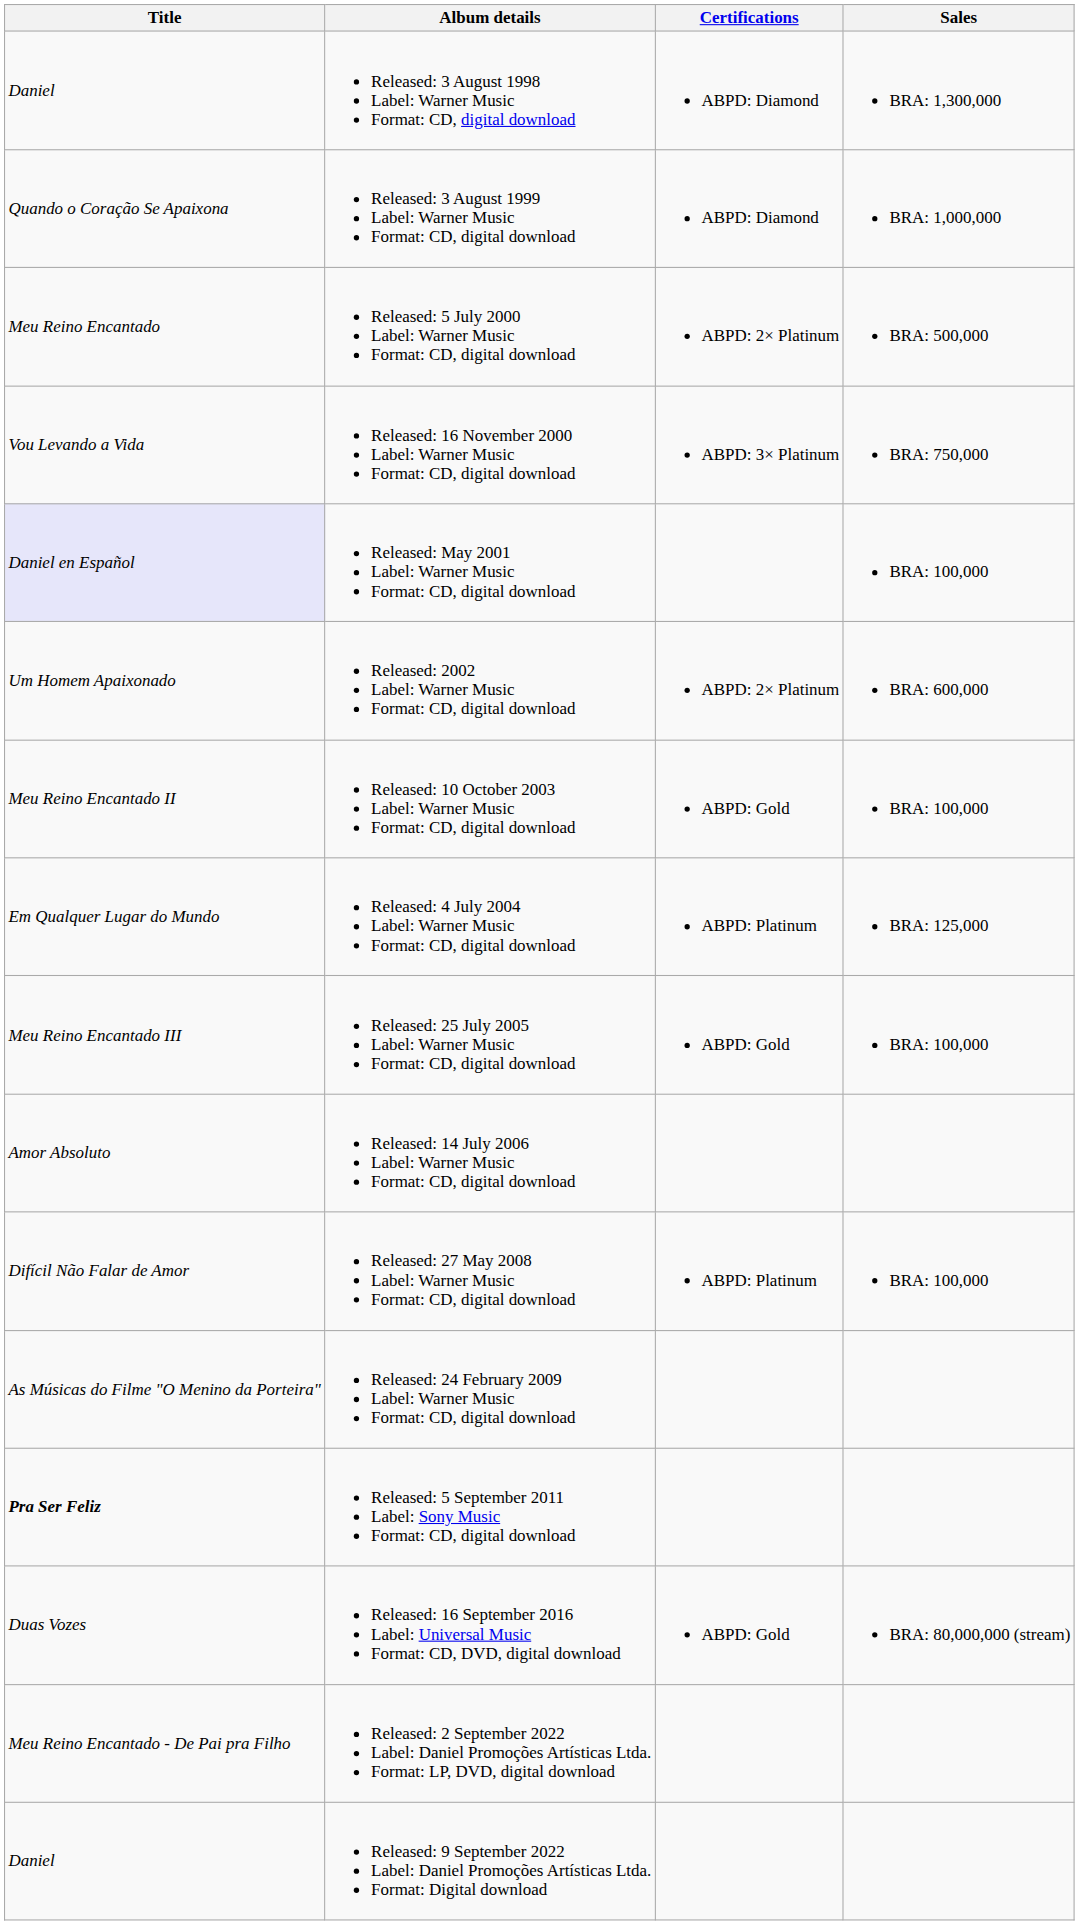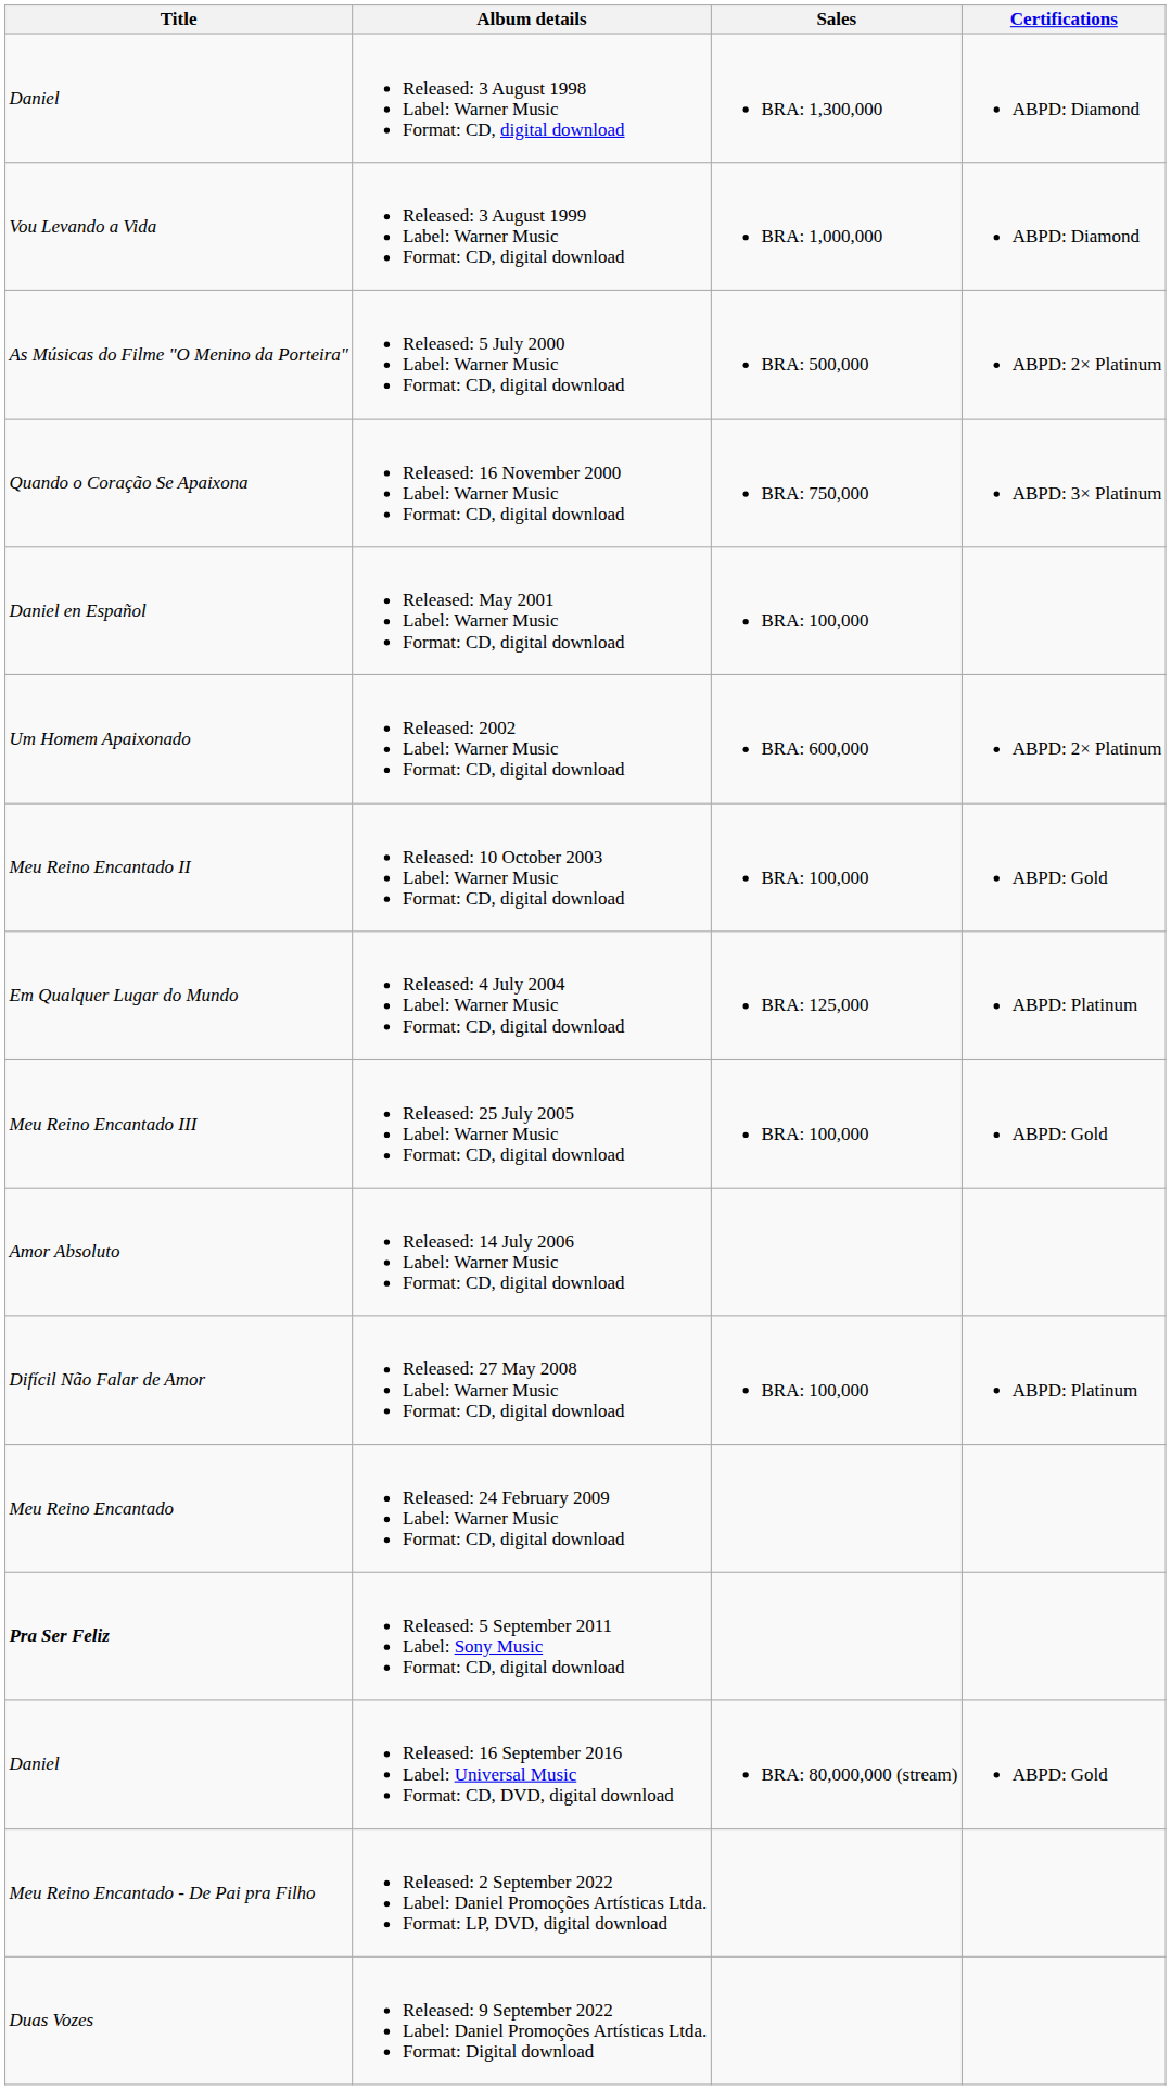 <table class="wikitable">
 <tr>
 <th>Title</th>
 <th>Album details</th>
+<th>Sales</th>
 <th><a href='#'>Certifications</a></th>
-<th>Sales</th>
 </tr>
 <tr>
 <td><em>Daniel</em></td>
 <td><br><ul><li>Released: 3 August 1998</li><li>Label: Warner Music</li><li>Format: CD, <a href='#'>digital download</a></li></ul></td>
+<td><br><ul><li>BRA: 1,300,000</li></ul></td>
 <td><br><ul><li>ABPD: Diamond</li></ul></td>
-<td><br><ul><li>BRA: 1,300,000</li></ul></td>
+</tr>
+<tr>
+<td><em>Vou Levando a Vida</em></td>
+<td><br><ul><li>Released: 3 August 1999</li><li>Label: Warner Music</li><li>Format: CD, digital download</li></ul></td>
+<td><br><ul><li>BRA: 1,000,000</li></ul></td>
+<td><br><ul><li>ABPD: Diamond</li></ul></td>
+</tr>
+<tr>
+<td><em>As Músicas do Filme "O Menino da Porteira"</em></td>
+<td><br><ul><li>Released: 5 July 2000</li><li>Label: Warner Music</li><li>Format: CD, digital download</li></ul></td>
+<td><br><ul><li>BRA: 500,000</li></ul></td>
+<td><br><ul><li>ABPD: 2× Platinum</li></ul></td>
 </tr>
 <tr>
 <td><em>Quando o Coração Se Apaixona</em></td>
-<td><br><ul><li>Released: 3 August 1999</li><li>Label: Warner Music</li><li>Format: CD, digital download</li></ul></td>
-<td><br><ul><li>ABPD: Diamond</li></ul></td>
-<td><br><ul><li>BRA: 1,000,000</li></ul></td>
+<td><br><ul><li>Released: 16 November 2000</li><li>Label: Warner Music</li><li>Format: CD, digital download</li></ul></td>
+<td><br><ul><li>BRA: 750,000</li></ul></td>
+<td><br><ul><li>ABPD: 3× Platinum</li></ul></td>
 </tr>
 <tr>
-<td><em>Meu Reino Encantado</em></td>
-<td><br><ul><li>Released: 5 July 2000</li><li>Label: Warner Music</li><li>Format: CD, digital download</li></ul></td>
-<td><br><ul><li>ABPD: 2× Platinum</li></ul></td>
-<td><br><ul><li>BRA: 500,000</li></ul></td>
-</tr>
-<tr>
-<td><em>Vou Levando a Vida</em></td>
-<td><br><ul><li>Released: 16 November 2000</li><li>Label: Warner Music</li><li>Format: CD, digital download</li></ul></td>
-<td><br><ul><li>ABPD: 3× Platinum</li></ul></td>
-<td><br><ul><li>BRA: 750,000</li></ul></td>
-</tr>
-<tr>
-<td style="background: lavender;"><em>Daniel en Español</em></td>
+<td><em>Daniel en Español</em></td>
 <td><br><ul><li>Released: May 2001</li><li>Label: Warner Music</li><li>Format: CD, digital download</li></ul></td>
+<td><br><ul><li>BRA: 100,000</li></ul></td>
 <td></td>
-<td><br><ul><li>BRA: 100,000</li></ul></td>
 </tr>
 <tr>
 <td><em>Um Homem Apaixonado</em></td>
 <td><br><ul><li>Released: 2002</li><li>Label: Warner Music</li><li>Format: CD, digital download</li></ul></td>
+<td><br><ul><li>BRA: 600,000</li></ul></td>
 <td><br><ul><li>ABPD: 2× Platinum</li></ul></td>
-<td><br><ul><li>BRA: 600,000</li></ul></td>
 </tr>
 <tr>
 <td><em>Meu Reino Encantado II</em></td>
 <td><br><ul><li>Released: 10 October 2003</li><li>Label: Warner Music</li><li>Format: CD, digital download</li></ul></td>
+<td><br><ul><li>BRA: 100,000</li></ul></td>
 <td><br><ul><li>ABPD: Gold</li></ul></td>
-<td><br><ul><li>BRA: 100,000</li></ul></td>
 </tr>
 <tr>
 <td><em>Em Qualquer Lugar do Mundo</em></td>
 <td><br><ul><li>Released: 4 July 2004</li><li>Label: Warner Music</li><li>Format: CD, digital download</li></ul></td>
+<td><br><ul><li>BRA: 125,000</li></ul></td>
 <td><br><ul><li>ABPD: Platinum</li></ul></td>
-<td><br><ul><li>BRA: 125,000</li></ul></td>
 </tr>
 <tr>
 <td><em>Meu Reino Encantado III</em></td>
 <td><br><ul><li>Released: 25 July 2005</li><li>Label: Warner Music</li><li>Format: CD, digital download</li></ul></td>
+<td><br><ul><li>BRA: 100,000</li></ul></td>
 <td><br><ul><li>ABPD: Gold</li></ul></td>
-<td><br><ul><li>BRA: 100,000</li></ul></td>
 </tr>
 <tr>
 <td><em>Amor Absoluto</em></td>
 <td><br><ul><li>Released: 14 July 2006</li><li>Label: Warner Music</li><li>Format: CD, digital download</li></ul></td>
 <td></td>
 <td></td>
 </tr>
 <tr>
 <td><em>Difícil Não Falar de Amor</em></td>
 <td><br><ul><li>Released: 27 May 2008</li><li>Label: Warner Music</li><li>Format: CD, digital download</li></ul></td>
+<td><br><ul><li>BRA: 100,000</li></ul></td>
 <td><br><ul><li>ABPD: Platinum</li></ul></td>
-<td><br><ul><li>BRA: 100,000</li></ul></td>
 </tr>
 <tr>
-<td><em>As Músicas do Filme "O Menino da Porteira"</em></td>
+<td><em>Meu Reino Encantado</em></td>
 <td><br><ul><li>Released: 24 February 2009</li><li>Label: Warner Music</li><li>Format: CD, digital download</li></ul></td>
 <td></td>
 <td></td>
 </tr>
 <tr>
 <td><strong><em>Pra Ser Feliz</em></strong></td>
 <td><br><ul><li>Released: 5 September 2011</li><li>Label: <a href='#'>Sony Music</a></li><li>Format: CD, digital download</li></ul></td>
 <td></td>
 <td></td>
 </tr>
 <tr>
-<td><em>Duas Vozes</em></td>
+<td><em>Daniel</em></td>
 <td><br><ul><li>Released: 16 September 2016</li><li>Label: <a href='#'>Universal Music</a></li><li>Format: CD, DVD, digital download</li></ul></td>
+<td><br><ul><li>BRA: 80,000,000 (stream)</li></ul></td>
 <td><br><ul><li>ABPD: Gold</li></ul></td>
-<td><br><ul><li>BRA: 80,000,000 (stream)</li></ul></td>
 </tr>
 <tr>
 <td><em>Meu Reino Encantado - De Pai pra Filho</em></td>
 <td><br><ul><li>Released: 2 September 2022</li><li>Label: Daniel Promoções Artísticas Ltda.</li><li>Format: LP, DVD, digital download</li></ul></td>
 <td></td>
 <td></td>
 </tr>
 <tr>
-<td><em>Daniel</em></td>
+<td><em>Duas Vozes</em></td>
 <td><br><ul><li>Released: 9 September 2022</li><li>Label: Daniel Promoções Artísticas Ltda.</li><li>Format: Digital download</li></ul></td>
 <td></td>
 <td></td>
 </tr>
 </table>
